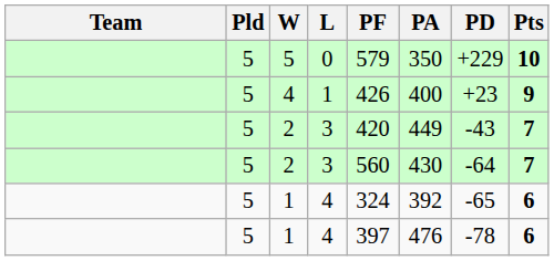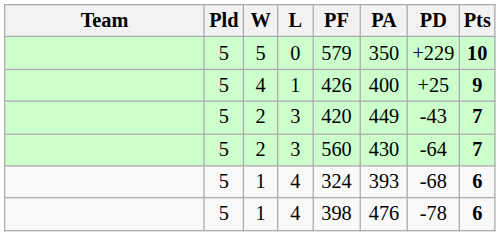 <table class="wikitable" style="text-align:center;">
 <tr>
 <th width=150>Team</th>
 <th width=20>Pld</th>
 <th width=20>W</th>
 <th width=20>L</th>
 <th width=30>PF</th>
 <th width=30>PA</th>
 <th width=30>PD</th>
 <th width=20>Pts</th>
 </tr>
 <tr bgcolor="#ccffcc">
 <td align="left"></td>
 <td>5</td>
 <td>5</td>
 <td>0</td>
 <td>579</td>
 <td>350</td>
 <td>+229</td>
 <td><strong>10</strong></td>
 </tr>
 <tr bgcolor="#ccffcc">
 <td align="left"></td>
 <td>5</td>
 <td>4</td>
 <td>1</td>
 <td>426</td>
 <td>400</td>
-<td>+23</td>
+<td>+25</td>
 <td><strong>9</strong></td>
 </tr>
 <tr bgcolor="#ccffcc">
 <td align="left"></td>
 <td>5</td>
 <td>2</td>
 <td>3</td>
 <td>420</td>
 <td>449</td>
 <td>-43</td>
 <td><strong>7</strong></td>
 </tr>
 <tr bgcolor="#ccffcc">
 <td align="left"></td>
 <td>5</td>
 <td>2</td>
 <td>3</td>
 <td>560</td>
 <td>430</td>
 <td>-64</td>
 <td><strong>7</strong></td>
 </tr>
 <tr>
 <td align="left"><strong></strong></td>
 <td>5</td>
 <td>1</td>
 <td>4</td>
 <td>324</td>
-<td>392</td>
-<td>-65</td>
+<td>393</td>
+<td>-68</td>
 <td><strong>6</strong></td>
 </tr>
 <tr>
 <td align="left"></td>
 <td>5</td>
 <td>1</td>
 <td>4</td>
-<td>397</td>
+<td>398</td>
 <td>476</td>
 <td>-78</td>
 <td><strong>6</strong></td>
 </tr>
 </table>
